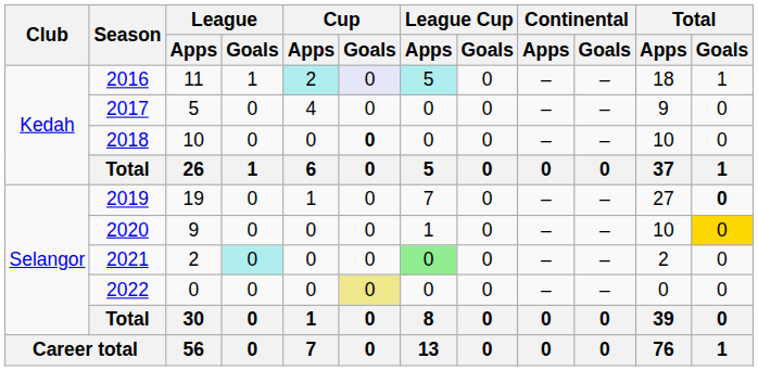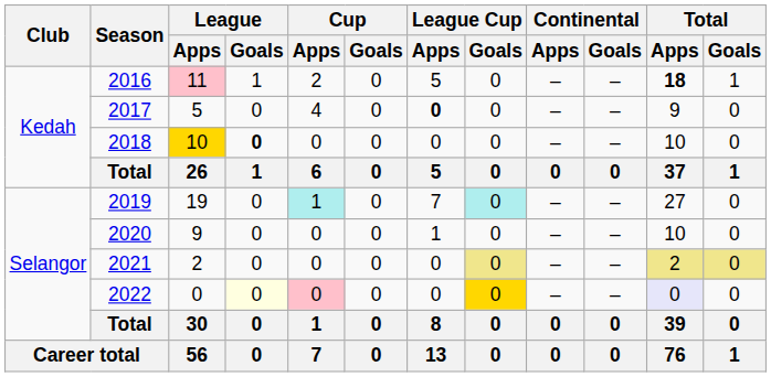 <table class="wikitable" style="text-align: center;">
 <tr>
 <th rowspan="2">Club</th>
 <th rowspan="2">Season</th>
 <th colspan="2">League</th>
 <th colspan="2">Cup</th>
 <th colspan="2">League Cup</th>
 <th colspan="2">Continental</th>
 <th colspan="2">Total</th>
 </tr>
 <tr>
 <th>Apps</th>
 <th>Goals</th>
 <th>Apps</th>
 <th>Goals</th>
 <th>Apps</th>
 <th>Goals</th>
 <th>Apps</th>
 <th>Goals</th>
 <th>Apps</th>
 <th>Goals</th>
 </tr>
 <tr>
 <td rowspan="4" valign="center"><a href='#'>Kedah</a></td>
 <td><a href='#'>2016</a></td>
-<td>11</td>
+<td style="background: pink;">11</td>
 <td>1</td>
-<td style="background: paleturquoise;">2</td>
-<td style="background: lavender;">0</td>
-<td style="background: paleturquoise;">5</td>
+<td>2</td>
+<td>0</td>
+<td>5</td>
 <td>0</td>
 <td>–</td>
 <td>–</td>
-<td>18</td>
+<td><strong>18</strong></td>
 <td>1</td>
 </tr>
 <tr>
 <td><a href='#'>2017</a></td>
 <td>5</td>
 <td>0</td>
 <td>4</td>
 <td>0</td>
-<td>0</td>
+<td><strong>0</strong></td>
 <td>0</td>
 <td>–</td>
 <td>–</td>
 <td>9</td>
 <td>0</td>
 </tr>
 <tr>
 <td><a href='#'>2018</a></td>
-<td>10</td>
+<td style="background: gold;">10</td>
+<td><strong>0</strong></td>
 <td>0</td>
 <td>0</td>
-<td><strong>0</strong></td>
 <td>0</td>
 <td>0</td>
 <td>–</td>
 <td>–</td>
 <td>10</td>
 <td>0</td>
 </tr>
 <tr>
 <th>Total</th>
 <th>26</th>
 <th>1</th>
 <th>6</th>
 <th>0</th>
 <th>5</th>
 <th>0</th>
 <th>0</th>
 <th>0</th>
 <th>37</th>
 <th>1</th>
 </tr>
 <tr>
 <td rowspan="5" valign="center"><a href='#'>Selangor</a></td>
 <td><a href='#'>2019</a></td>
 <td>19</td>
 <td>0</td>
-<td>1</td>
+<td style="background: paleturquoise;">1</td>
 <td>0</td>
 <td>7</td>
-<td>0</td>
+<td style="background: paleturquoise;">0</td>
 <td>–</td>
 <td>–</td>
 <td>27</td>
-<td><strong>0</strong></td>
+<td>0</td>
 </tr>
 <tr>
 <td><a href='#'>2020</a></td>
 <td>9</td>
 <td>0</td>
 <td>0</td>
 <td>0</td>
 <td>1</td>
 <td>0</td>
 <td>–</td>
 <td>–</td>
 <td>10</td>
-<td style="background: gold;">0</td>
+<td>0</td>
 </tr>
 <tr>
 <td><a href='#'>2021</a></td>
 <td>2</td>
-<td style="background: paleturquoise;">0</td>
 <td>0</td>
 <td>0</td>
-<td style="background: lightgreen;">0</td>
 <td>0</td>
+<td>0</td>
+<td style="background: khaki;">0</td>
 <td>–</td>
 <td>–</td>
-<td>2</td>
-<td>0</td>
+<td style="background: khaki;">2</td>
+<td style="background: khaki;">0</td>
 </tr>
 <tr>
 <td><a href='#'>2022</a></td>
 <td>0</td>
+<td style="background: lightyellow;">0</td>
+<td style="background: pink;">0</td>
 <td>0</td>
 <td>0</td>
-<td style="background: khaki;">0</td>
-<td>0</td>
-<td>0</td>
+<td style="background: gold;">0</td>
 <td>–</td>
 <td>–</td>
-<td>0</td>
+<td style="background: lavender;">0</td>
 <td>0</td>
 </tr>
 <tr>
 <th>Total</th>
 <th>30</th>
 <th>0</th>
 <th>1</th>
 <th>0</th>
 <th>8</th>
 <th>0</th>
 <th>0</th>
 <th>0</th>
 <th>39</th>
 <th>0</th>
 </tr>
 <tr>
 <th colspan=2>Career total</th>
 <th>56</th>
 <th>0</th>
 <th>7</th>
 <th>0</th>
 <th>13</th>
 <th>0</th>
 <th>0</th>
 <th>0</th>
 <th>76</th>
 <th>1</th>
 </tr>
 </table>
